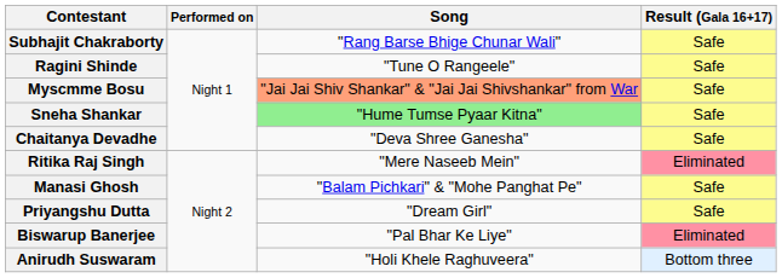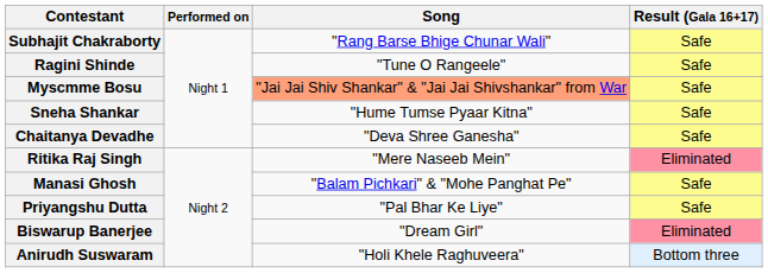 <table class="wikitable unsortable" style="text-align:center;">
 <tr>
 <th scope="col">Contestant</th>
 <th><small>Performed on</small></th>
 <th scope="col">Song</th>
 <th>Result (<small>Gala 16+17)</small></th>
 </tr>
 <tr>
 <th>Subhajit Chakraborty</th>
 <td rowspan="5"><small>Night 1</small></td>
 <td>"<a href='#'>Rang Barse Bhige Chunar Wali</a>"</td>
 <td style="background:#FDFC8F;">Safe</td>
 </tr>
 <tr>
 <th>Ragini Shinde</th>
 <td>"Tune O Rangeele"</td>
 <td style="background:#FDFC8F;">Safe</td>
 </tr>
 <tr>
 <th>Myscmme Bosu</th>
 <td style="background: lightsalmon;">"Jai Jai Shiv Shankar" & "Jai Jai Shivshankar" from <a href='#'>War</a></td>
 <td style="background:#FDFC8F;">Safe</td>
 </tr>
 <tr>
 <th>Sneha Shankar</th>
-<td style="background: lightgreen;">"Hume Tumse Pyaar Kitna"</td>
+<td>"Hume Tumse Pyaar Kitna"</td>
 <td style="background:#FDFC8F;">Safe</td>
 </tr>
 <tr>
 <th>Chaitanya Devadhe</th>
 <td>"Deva Shree Ganesha"</td>
 <td style="background:#FDFC8F;">Safe</td>
 </tr>
 <tr>
 <th>Ritika Raj Singh</th>
 <td rowspan="5"><small>Night 2</small></td>
 <td>"Mere Naseeb Mein"</td>
 <td style="background:#FF91A4;">Eliminated</td>
 </tr>
 <tr>
 <th>Manasi Ghosh</th>
 <td>"<a href='#'>Balam Pichkari</a>" & "Mohe Panghat Pe"</td>
 <td style="background:#FDFC8F;">Safe</td>
 </tr>
 <tr>
 <th>Priyangshu Dutta</th>
-<td>"Dream Girl"</td>
+<td>"Pal Bhar Ke Liye"</td>
 <td style="background:#FDFC8F;">Safe</td>
 </tr>
 <tr>
 <th>Biswarup Banerjee</th>
-<td>"Pal Bhar Ke Liye"</td>
+<td>"Dream Girl"</td>
 <td style="background:#FF91A4;">Eliminated</td>
 </tr>
 <tr>
 <th>Anirudh Suswaram</th>
 <td>"Holi Khele Raghuveera"</td>
 <td style="background:#e0f0ff;">Bottom three</td>
 </tr>
 </table>
